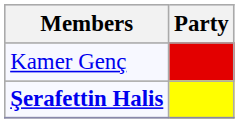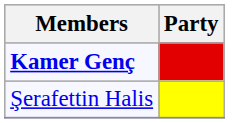 <table class=wikitable style="border:1px solid #8888aa; background-color:#f7f8ff; padding:0px; font-size:90%;">
 <tr>
 <th>Members</th>
 <th colspan="2">Party</th>
 </tr>
 <tr>
-<td><a href='#'>Kamer Genç</a></td>
+<td><strong><a href='#'>Kamer Genç</a></strong></td>
 <td style="background: #e30000"></td>
 </tr>
 <tr>
-<td><strong><a href='#'>Şerafettin Halis</a></strong></td>
+<td><a href='#'>Şerafettin Halis</a></td>
 <td style="background: #ffff00"></td>
 </tr>
 <tr>
 </tr>
 </table>
